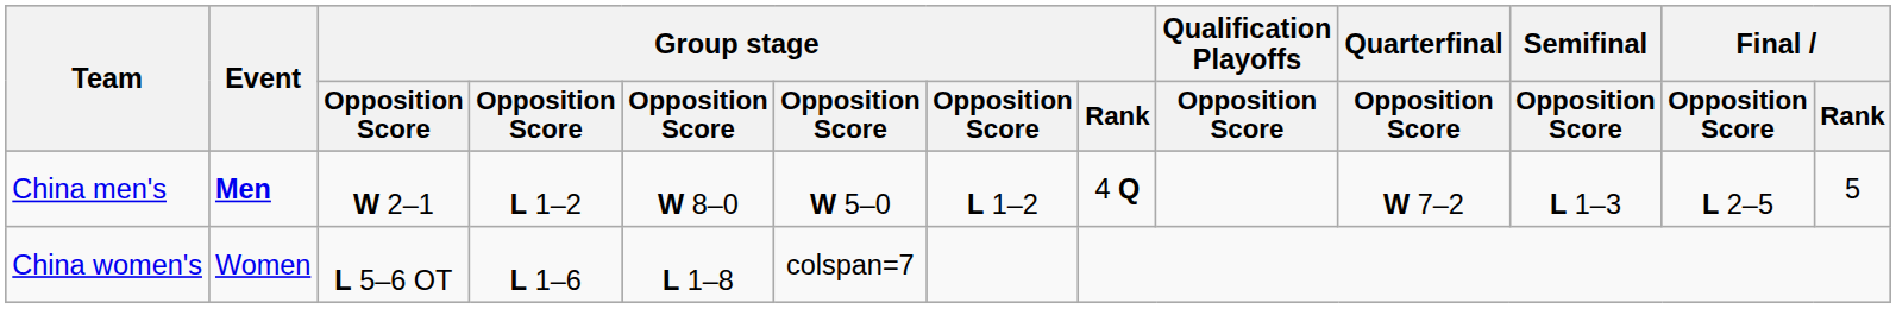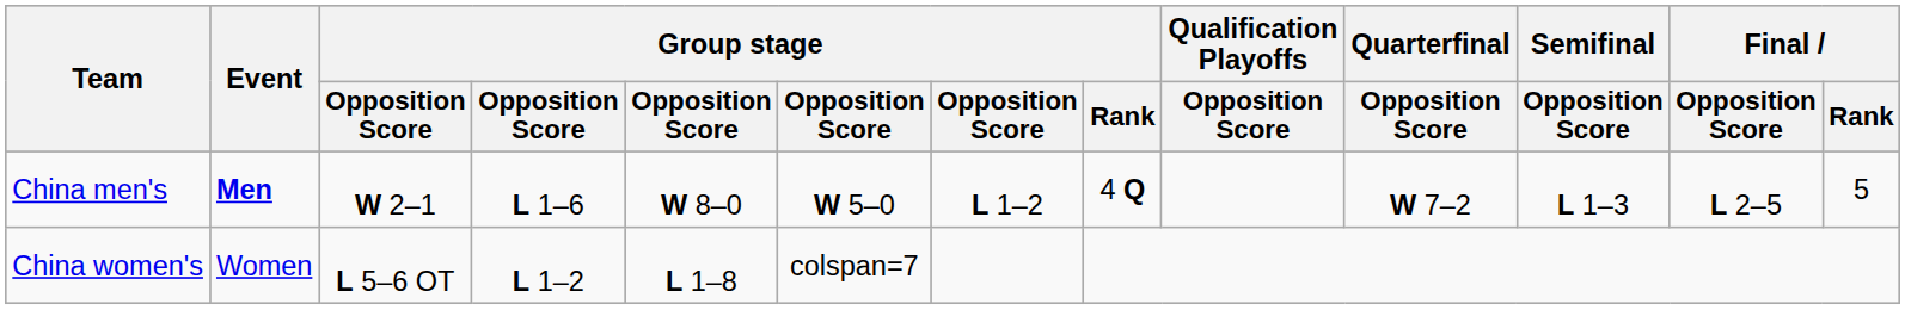 <table class=wikitable style=font-size:90%;text-align:center>
 <tr>
 <th rowspan=2>Team</th>
 <th rowspan=2>Event</th>
 <th colspan=6>Group stage</th>
 <th>Qualification<br>Playoffs</th>
 <th>Quarterfinal</th>
 <th>Semifinal</th>
 <th colspan=2>Final / </th>
 </tr>
 <tr style=font-size:95%>
 <th>Opposition<br>Score</th>
 <th>Opposition<br>Score</th>
 <th>Opposition<br>Score</th>
 <th>Opposition<br>Score</th>
 <th>Opposition<br>Score</th>
 <th>Rank</th>
 <th>Opposition<br>Score</th>
 <th>Opposition<br>Score</th>
 <th>Opposition<br>Score</th>
 <th>Opposition<br>Score</th>
 <th>Rank</th>
 </tr>
 <tr>
 <td align=left><a href='#'>China men's</a></td>
 <td align=left><strong><a href='#'>Men</a></strong></td>
 <td><br><strong>W</strong> 2–1</td>
-<td><br><strong>L</strong> 1–2</td>
+<td><br><strong>L</strong> 1–6</td>
 <td><br><strong>W</strong> 8–0</td>
 <td><br><strong>W</strong> 5–0</td>
 <td><br><strong>L</strong> 1–2</td>
 <td>4 <strong>Q</strong></td>
 <td></td>
 <td><br><strong>W</strong> 7–2</td>
 <td><br><strong>L</strong> 1–3</td>
 <td><br><strong>L</strong> 2–5</td>
 <td>5</td>
 </tr>
 <tr>
 <td align=left><a href='#'>China women's</a></td>
 <td align=left><a href='#'>Women</a></td>
 <td><br><strong>L</strong> 5–6 OT</td>
-<td><br><strong>L</strong> 1–6</td>
+<td><br><strong>L</strong> 1–2</td>
 <td><br><strong>L</strong> 1–8</td>
 <td>colspan=7 </td>
 <td></td>
 </tr>
 </table>
